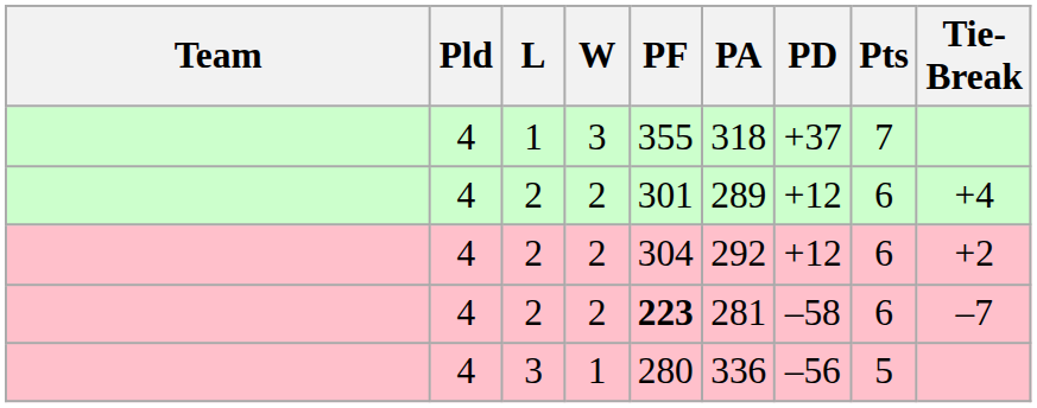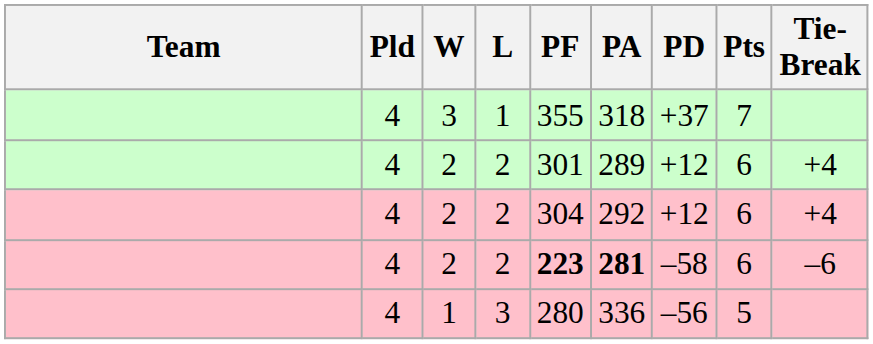 <table class="wikitable" style="text-align:center;">
 <tr>
 <th width=175>Team</th>
 <th width=20  abbr="Played">Pld</th>
+<th width=20  abbr="Won">W</th>
 <th width=20  abbr="Lost">L</th>
-<th width=20  abbr="Won">W</th>
 <th width=20  abbr="Points">PF</th>
 <th width=20  abbr="Points Against">PA</th>
 <th width=25  abbr="Points Difference">PD</th>
 <th width=20  abbr="Points">Pts</th>
 <th width=20  abbr="Points">Tie-Break</th>
 </tr>
 <tr bgcolor="ccffcc">
 <td style="text-align:left;"></td>
 <td>4</td>
+<td>3</td>
 <td>1</td>
-<td>3</td>
 <td>355</td>
 <td>318</td>
 <td>+37</td>
 <td>7</td>
 <td></td>
 </tr>
 <tr bgcolor="ccffcc">
 <td style="text-align:left;"></td>
 <td>4</td>
 <td>2</td>
 <td>2</td>
 <td>301</td>
 <td>289</td>
 <td>+12</td>
 <td>6</td>
 <td>+4</td>
 </tr>
 <tr bgcolor="pink">
 <td style="text-align:left;"></td>
 <td>4</td>
 <td>2</td>
 <td>2</td>
 <td>304</td>
 <td>292</td>
 <td>+12</td>
 <td>6</td>
-<td>+2</td>
+<td>+4</td>
 </tr>
 <tr bgcolor="pink">
 <td style="text-align:left;"></td>
 <td>4</td>
 <td>2</td>
 <td>2</td>
 <td><strong>223</strong></td>
-<td>281</td>
+<td><strong>281</strong></td>
 <td>–58</td>
 <td>6</td>
-<td>–7</td>
+<td>–6</td>
 </tr>
 <tr bgcolor="pink">
 <td style="text-align:left;"></td>
 <td>4</td>
+<td>1</td>
 <td>3</td>
-<td>1</td>
 <td>280</td>
 <td>336</td>
 <td>–56</td>
 <td>5</td>
 <td></td>
 </tr>
 </table>
